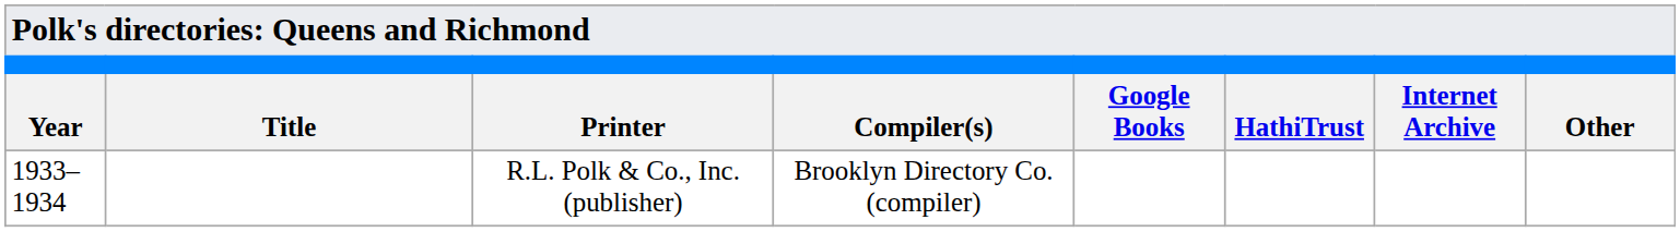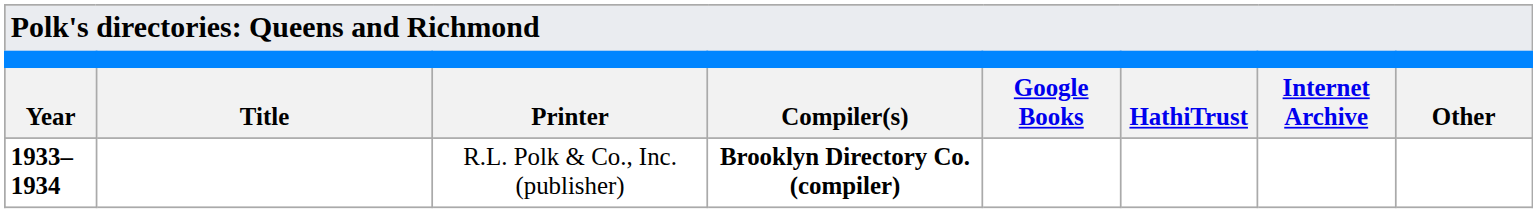 <table class="wikitable collapsible sortable static-row-numbers" cellpadding="1" style="color: black; background-color: #FFFFFF; font-size: 90%; width:100%">
 <tr class="static-row-header" style="text-align:center;vertical-align:bottom;">
 <th style="text-align:left; background:#eaecf0; border-style: solid; border-width: 0px 0px 0px 0px;" colspan=8><big><strong>Polk's directories: Queens and Richmond</strong></big></th>
 </tr>
 <tr class="static-row-header" style="text-align:center;vertical-align:bottom;border-style: solid; border-color: #0085ff; border-width: 10px 0px 0px 0px;">
 <th>Year</th>
 <th>Title</th>
 <th>Printer</th>
 <th>Compiler(s)</th>
 <th><a href='#'>Google<br>Books</a></th>
 <th><a href='#'>HathiTrust</a></th>
 <th><a href='#'>Internet<br>Archive</a></th>
 <th>Other</th>
 </tr>
 <tr>
-<td width="6%">1933–1934</td>
+<td width="6%"><strong>1933–1934</strong></td>
 <td width="22%" data-sort-value="Polk 1933"></td>
 <td style="text-align:center" width="18%" data-sort-value="Polk 1933">R.L. Polk & Co., Inc. (publisher)</td>
-<td style="text-align:center" width="18%">Brooklyn Directory Co. (compiler)</td>
+<td style="text-align:center" width="18%"><strong>Brooklyn Directory Co. (compiler)</strong></td>
 <td style="text-align:center" width="9%"></td>
 <td style="text-align:center" width="9%"></td>
 <td style="text-align:center" width="9%"></td>
 <td style="text-align:center" width="9%" data-sort-value="NYPL 1933"><br></td>
 </tr>
 </table>
